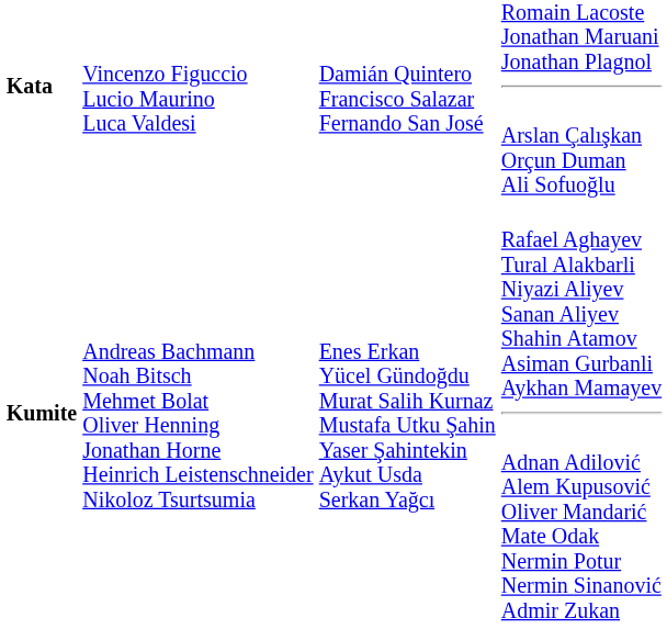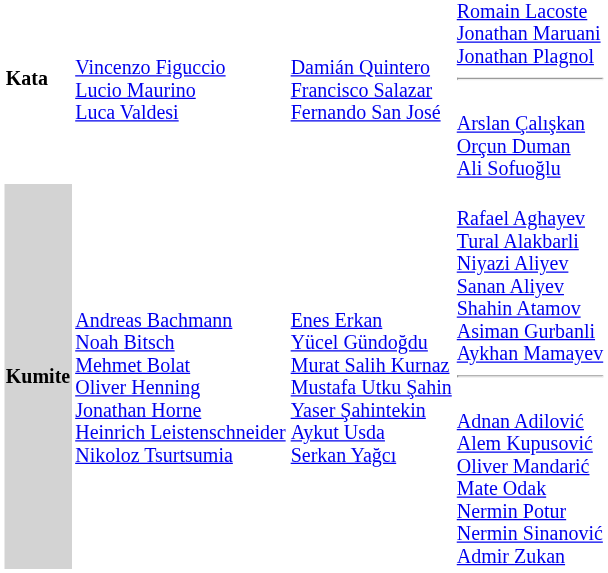 <table>
 <tr>
 <td><strong>Kata</strong></td>
 <td><br><a href='#'>Vincenzo Figuccio</a><br><a href='#'>Lucio Maurino</a><br><a href='#'>Luca Valdesi</a></td>
 <td><br><a href='#'>Damián Quintero</a><br><a href='#'>Francisco Salazar</a><br><a href='#'>Fernando San José</a></td>
 <td><br><a href='#'>Romain Lacoste</a><br><a href='#'>Jonathan Maruani</a><br><a href='#'>Jonathan Plagnol</a><hr><br><a href='#'>Arslan Çalışkan</a><br><a href='#'>Orçun Duman</a><br><a href='#'>Ali Sofuoğlu</a></td>
 </tr>
 <tr>
-<td><strong>Kumite</strong></td>
+<td style="background: lightgrey;"><strong>Kumite</strong></td>
 <td><br><a href='#'>Andreas Bachmann</a><br><a href='#'>Noah Bitsch</a><br><a href='#'>Mehmet Bolat</a><br><a href='#'>Oliver Henning</a><br><a href='#'>Jonathan Horne</a><br><a href='#'>Heinrich Leistenschneider</a><br><a href='#'>Nikoloz Tsurtsumia</a></td>
 <td><br><a href='#'>Enes Erkan</a><br><a href='#'>Yücel Gündoğdu</a><br><a href='#'>Murat Salih Kurnaz</a><br><a href='#'>Mustafa Utku Şahin</a><br><a href='#'>Yaser Şahintekin</a><br><a href='#'>Aykut Usda</a><br><a href='#'>Serkan Yağcı</a></td>
 <td><br><a href='#'>Rafael Aghayev</a><br><a href='#'>Tural Alakbarli</a><br><a href='#'>Niyazi Aliyev</a><br><a href='#'>Sanan Aliyev</a><br><a href='#'>Shahin Atamov</a><br><a href='#'>Asiman Gurbanli</a><br><a href='#'>Aykhan Mamayev</a><hr><br><a href='#'>Adnan Adilović</a><br><a href='#'>Alem Kupusović</a><br><a href='#'>Oliver Mandarić</a><br><a href='#'>Mate Odak</a><br><a href='#'>Nermin Potur</a><br><a href='#'>Nermin Sinanović</a><br><a href='#'>Admir Zukan</a></td>
 </tr>
 </table>
